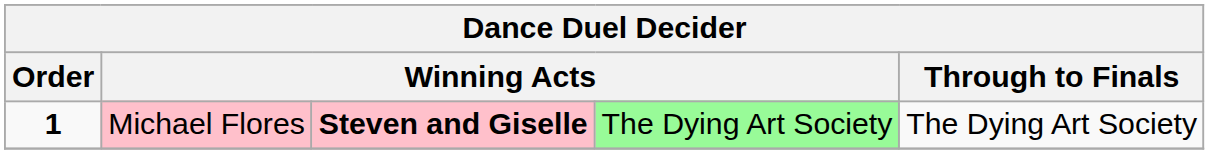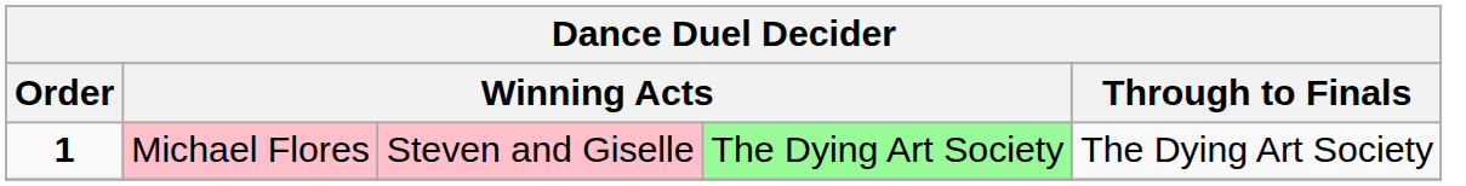 <table class="wikitable" style="text-align:center;">
 <tr>
 <th colspan="5">Dance Duel Decider</th>
 </tr>
 <tr>
 <th>Order</th>
 <th colspan="3">Winning Acts</th>
 <th>Through to Finals</th>
 </tr>
 <tr>
 <td><strong>1</strong></td>
 <td style="background:pink">Michael Flores</td>
-<td style="background:pink"><strong>Steven and Giselle</strong></td>
+<td style="background:pink">Steven and Giselle</td>
 <td style="background:palegreen">The Dying Art Society</td>
 <td>The Dying Art Society</td>
 </tr>
 <tr>
 </tr>
 </table>
